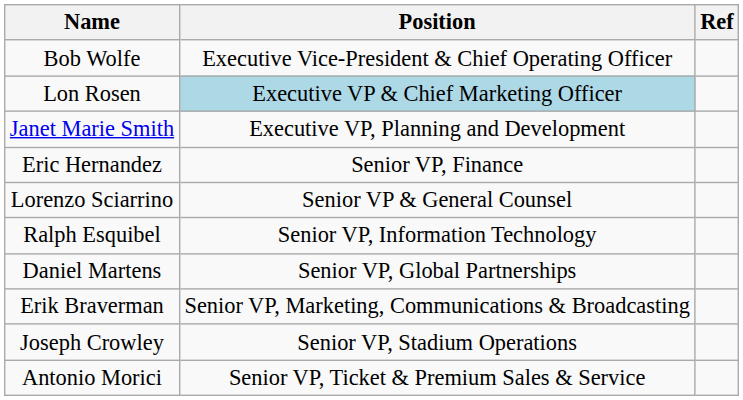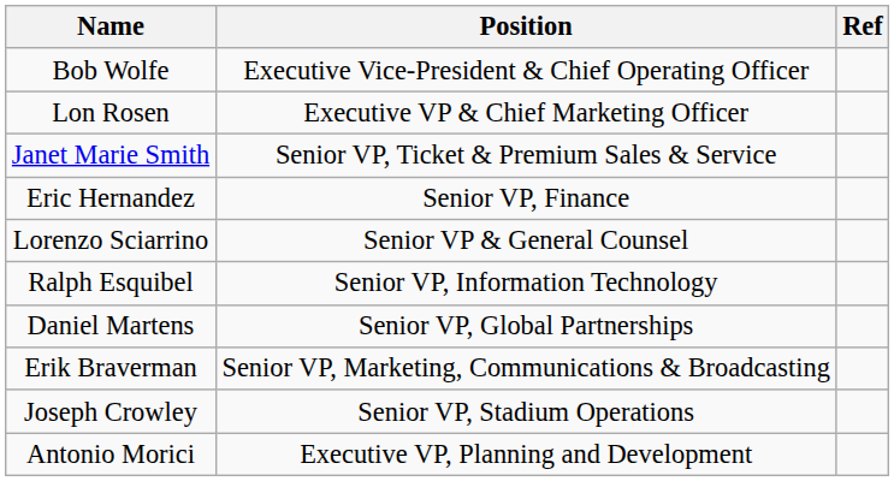 <table class="wikitable" style="text-align:center">
 <tr>
 <th>Name</th>
 <th>Position</th>
 <th>Ref</th>
 </tr>
 <tr>
 <td>Bob Wolfe</td>
 <td>Executive Vice-President & Chief Operating Officer</td>
 <td></td>
 </tr>
 <tr>
 <td>Lon Rosen</td>
-<td style="background: lightblue;">Executive VP & Chief Marketing Officer</td>
+<td>Executive VP & Chief Marketing Officer</td>
 <td></td>
 </tr>
 <tr>
 <td><a href='#'>Janet Marie Smith</a></td>
-<td>Executive VP, Planning and Development</td>
+<td>Senior VP, Ticket & Premium Sales & Service</td>
 <td></td>
 </tr>
 <tr>
 <td>Eric Hernandez</td>
 <td>Senior VP, Finance</td>
 <td></td>
 </tr>
 <tr>
 <td>Lorenzo Sciarrino</td>
 <td>Senior VP & General Counsel</td>
 <td></td>
 </tr>
 <tr>
 <td>Ralph Esquibel</td>
 <td>Senior VP, Information Technology</td>
 <td></td>
 </tr>
 <tr>
 <td>Daniel Martens</td>
 <td>Senior VP, Global Partnerships</td>
 <td></td>
 </tr>
 <tr>
 <td>Erik Braverman</td>
 <td>Senior VP, Marketing, Communications & Broadcasting</td>
 <td></td>
 </tr>
 <tr>
 <td>Joseph Crowley</td>
 <td>Senior VP, Stadium Operations</td>
 <td></td>
 </tr>
 <tr>
 <td>Antonio Morici</td>
-<td>Senior VP, Ticket & Premium Sales & Service</td>
+<td>Executive VP, Planning and Development</td>
 <td></td>
 </tr>
 </table>
